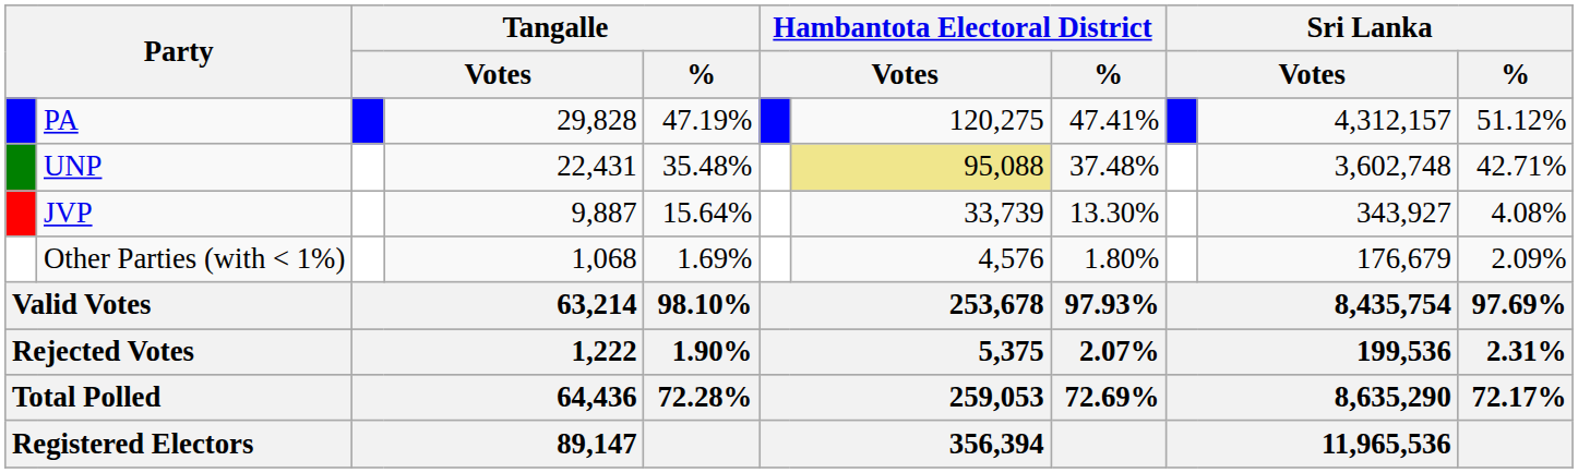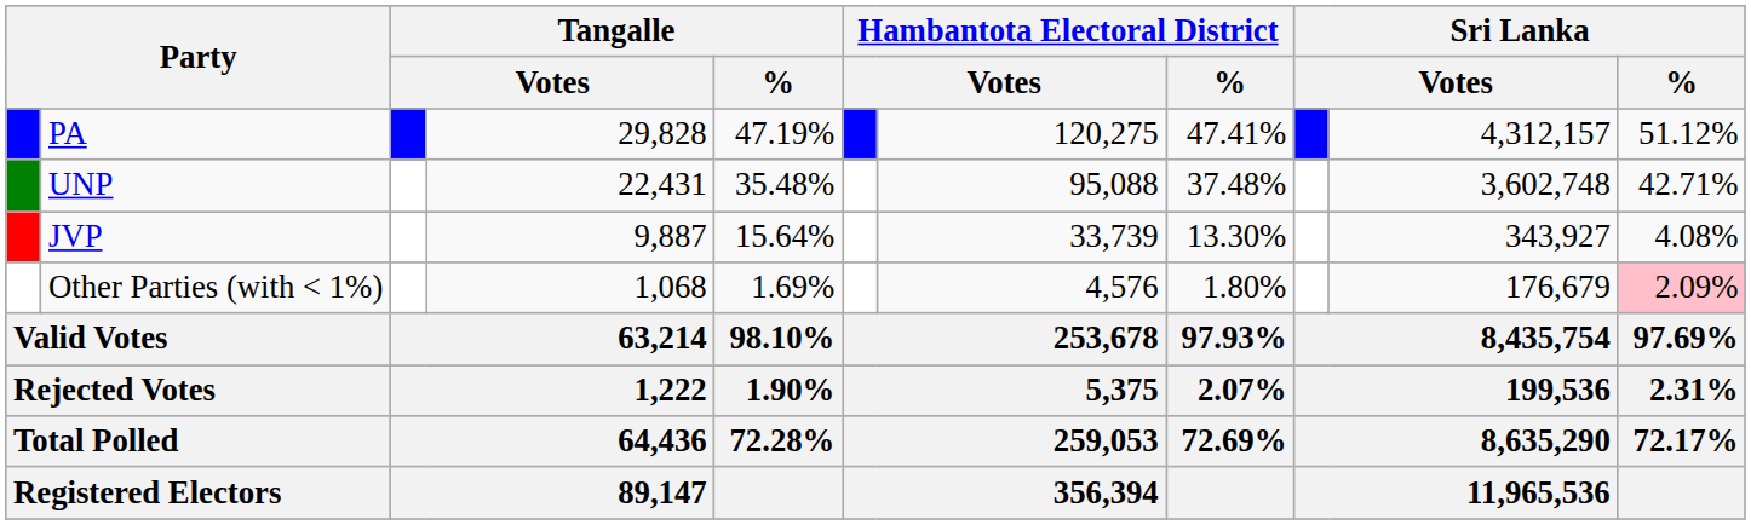 <table class="wikitable">
 <tr>
 <th colspan="2" width="144px"rowspan="2">Party</th>
 <th colspan="3" width="216px">Tangalle</th>
 <th colspan="3" width="216px"><a href='#'>Hambantota Electoral District</a></th>
 <th colspan="3" width="216px">Sri Lanka</th>
 </tr>
 <tr>
 <th colspan="2" width="144px">Votes</th>
 <th>%</th>
 <th colspan="2" width="144px">Votes</th>
 <th>%</th>
 <th colspan="2" width="144px">Votes</th>
 <th>%</th>
 </tr>
 <tr>
 <td style="background-color:blue;" width="10px"></td>
 <td style="text-align:left;"><a href='#'>PA</a></td>
 <td style="background-color:blue;" width="10px"></td>
 <td style="text-align:right;">29,828</td>
 <td style="text-align:right;">47.19%</td>
 <td style="background-color:blue;" width="10px"></td>
 <td style="text-align:right;">120,275</td>
 <td style="text-align:right;">47.41%</td>
 <td style="background-color:blue;" width="10px"></td>
 <td style="text-align:right;">4,312,157</td>
 <td style="text-align:right;">51.12%</td>
 </tr>
 <tr>
 <td style="background-color:green;" width="10px"></td>
 <td style="text-align:left;"><a href='#'>UNP</a></td>
 <td style="background-color:white;" width="10px"></td>
 <td style="text-align:right;">22,431</td>
 <td style="text-align:right;">35.48%</td>
 <td style="background-color:white;" width="10px"></td>
-<td style="background: khaki; text-align:right;">95,088</td>
+<td style="text-align:right;">95,088</td>
 <td style="text-align:right;">37.48%</td>
 <td style="background-color:white;" width="10px"></td>
 <td style="text-align:right;">3,602,748</td>
 <td style="text-align:right;">42.71%</td>
 </tr>
 <tr>
 <td style="background-color:red;" width="10px"></td>
 <td style="text-align:left;"><a href='#'>JVP</a></td>
 <td style="background-color:white;" width="10px"></td>
 <td style="text-align:right;">9,887</td>
 <td style="text-align:right;">15.64%</td>
 <td style="background-color:white;" width="10px"></td>
 <td style="text-align:right;">33,739</td>
 <td style="text-align:right;">13.30%</td>
 <td style="background-color:white;" width="10px"></td>
 <td style="text-align:right;">343,927</td>
 <td style="text-align:right;">4.08%</td>
 </tr>
 <tr>
 <td style="background-color:white;" width="10px"></td>
 <td style="text-align:left;">Other Parties (with < 1%)</td>
 <td style="background-color:white;" width="10px"></td>
 <td style="text-align:right;">1,068</td>
 <td style="text-align:right;">1.69%</td>
 <td style="background-color:white;" width="10px"></td>
 <td style="text-align:right;">4,576</td>
 <td style="text-align:right;">1.80%</td>
 <td style="background-color:white;" width="10px"></td>
 <td style="text-align:right;">176,679</td>
-<td style="text-align:right;">2.09%</td>
+<td style="background: pink; text-align:right;">2.09%</td>
 </tr>
 <tr>
 <th colspan="2" width="144px"style="text-align:left;">Valid Votes</th>
 <th style="text-align:right;"colspan="2" width="144px">63,214</th>
 <th style="text-align:right;">98.10%</th>
 <th style="text-align:right;"colspan="2" width="144px">253,678</th>
 <th style="text-align:right;">97.93%</th>
 <th style="text-align:right;"colspan="2" width="144px">8,435,754</th>
 <th style="text-align:right;">97.69%</th>
 </tr>
 <tr>
 <th colspan="2" width="144px"style="text-align:left;">Rejected Votes</th>
 <th style="text-align:right;"colspan="2" width="144px">1,222</th>
 <th style="text-align:right;">1.90%</th>
 <th style="text-align:right;"colspan="2" width="144px">5,375</th>
 <th style="text-align:right;">2.07%</th>
 <th style="text-align:right;"colspan="2" width="144px">199,536</th>
 <th style="text-align:right;">2.31%</th>
 </tr>
 <tr>
 <th colspan="2" width="144px"style="text-align:left;">Total Polled</th>
 <th style="text-align:right;"colspan="2" width="144px">64,436</th>
 <th style="text-align:right;">72.28%</th>
 <th style="text-align:right;"colspan="2" width="144px">259,053</th>
 <th style="text-align:right;">72.69%</th>
 <th style="text-align:right;"colspan="2" width="144px">8,635,290</th>
 <th style="text-align:right;">72.17%</th>
 </tr>
 <tr>
 <th colspan="2" width="144px"style="text-align:left;">Registered Electors</th>
 <th style="text-align:right;"colspan="2" width="144px">89,147</th>
 <th></th>
 <th style="text-align:right;"colspan="2" width="144px">356,394</th>
 <th></th>
 <th style="text-align:right;"colspan="2" width="144px">11,965,536</th>
 <th></th>
 </tr>
 </table>
